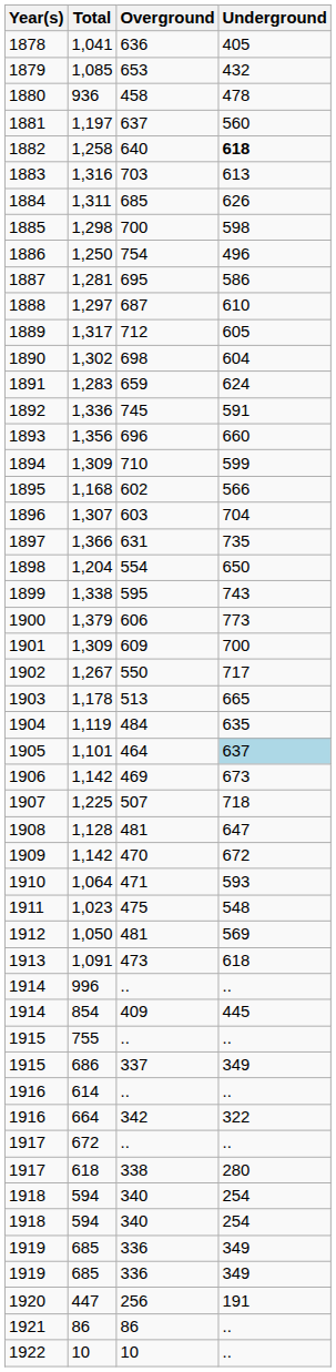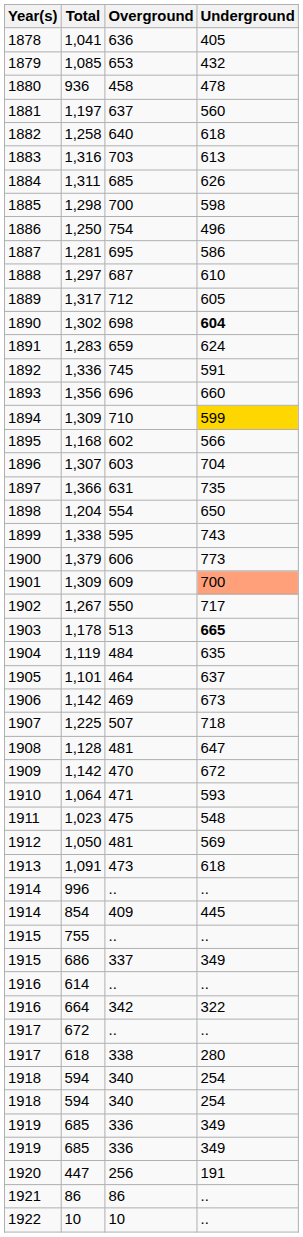 <table class="wikitable sortable mw-collapsible mw-collapsed">
 <tr>
 <th>Year(s)</th>
 <th>Total</th>
 <th>Overground</th>
 <th>Underground</th>
 </tr>
 <tr>
 <td>1878</td>
 <td>1,041</td>
 <td>636</td>
 <td>405</td>
 </tr>
 <tr>
 <td>1879</td>
 <td>1,085</td>
 <td>653</td>
 <td>432</td>
 </tr>
 <tr>
 <td>1880</td>
 <td>936</td>
 <td>458</td>
 <td>478</td>
 </tr>
 <tr>
 <td>1881</td>
 <td>1,197</td>
 <td>637</td>
 <td>560</td>
 </tr>
 <tr>
 <td>1882</td>
 <td>1,258</td>
 <td>640</td>
-<td><strong>618</strong></td>
+<td>618</td>
 </tr>
 <tr>
 <td>1883</td>
 <td>1,316</td>
 <td>703</td>
 <td>613</td>
 </tr>
 <tr>
 <td>1884</td>
 <td>1,311</td>
 <td>685</td>
 <td>626</td>
 </tr>
 <tr>
 <td>1885</td>
 <td>1,298</td>
 <td>700</td>
 <td>598</td>
 </tr>
 <tr>
 <td>1886</td>
 <td>1,250</td>
 <td>754</td>
 <td>496</td>
 </tr>
 <tr>
 <td>1887</td>
 <td>1,281</td>
 <td>695</td>
 <td>586</td>
 </tr>
 <tr>
 <td>1888</td>
 <td>1,297</td>
 <td>687</td>
 <td>610</td>
 </tr>
 <tr>
 <td>1889</td>
 <td>1,317</td>
 <td>712</td>
 <td>605</td>
 </tr>
 <tr>
 <td>1890</td>
 <td>1,302</td>
 <td>698</td>
-<td>604</td>
+<td><strong>604</strong></td>
 </tr>
 <tr>
 <td>1891</td>
 <td>1,283</td>
 <td>659</td>
 <td>624</td>
 </tr>
 <tr>
 <td>1892</td>
 <td>1,336</td>
 <td>745</td>
 <td>591</td>
 </tr>
 <tr>
 <td>1893</td>
 <td>1,356</td>
 <td>696</td>
 <td>660</td>
 </tr>
 <tr>
 <td>1894</td>
 <td>1,309</td>
 <td>710</td>
-<td>599</td>
+<td style="background: gold;">599</td>
 </tr>
 <tr>
 <td>1895</td>
 <td>1,168</td>
 <td>602</td>
 <td>566</td>
 </tr>
 <tr>
 <td>1896</td>
 <td>1,307</td>
 <td>603</td>
 <td>704</td>
 </tr>
 <tr>
 <td>1897</td>
 <td>1,366</td>
 <td>631</td>
 <td>735</td>
 </tr>
 <tr>
 <td>1898</td>
 <td>1,204</td>
 <td>554</td>
 <td>650</td>
 </tr>
 <tr>
 <td>1899</td>
 <td>1,338</td>
 <td>595</td>
 <td>743</td>
 </tr>
 <tr>
 <td>1900</td>
 <td>1,379</td>
 <td>606</td>
 <td>773</td>
 </tr>
 <tr>
 <td>1901</td>
 <td>1,309</td>
 <td>609</td>
-<td>700</td>
+<td style="background: lightsalmon;">700</td>
 </tr>
 <tr>
 <td>1902</td>
 <td>1,267</td>
 <td>550</td>
 <td>717</td>
 </tr>
 <tr>
 <td>1903</td>
 <td>1,178</td>
 <td>513</td>
-<td>665</td>
+<td><strong>665</strong></td>
 </tr>
 <tr>
 <td>1904</td>
 <td>1,119</td>
 <td>484</td>
 <td>635</td>
 </tr>
 <tr>
 <td>1905</td>
 <td>1,101</td>
 <td>464</td>
-<td style="background: lightblue;">637</td>
+<td>637</td>
 </tr>
 <tr>
 <td>1906</td>
 <td>1,142</td>
 <td>469</td>
 <td>673</td>
 </tr>
 <tr>
 <td>1907</td>
 <td>1,225</td>
 <td>507</td>
 <td>718</td>
 </tr>
 <tr>
 <td>1908</td>
 <td>1,128</td>
 <td>481</td>
 <td>647</td>
 </tr>
 <tr>
 <td>1909</td>
 <td>1,142</td>
 <td>470</td>
 <td>672</td>
 </tr>
 <tr>
 <td>1910</td>
 <td>1,064</td>
 <td>471</td>
 <td>593</td>
 </tr>
 <tr>
 <td>1911</td>
 <td>1,023</td>
 <td>475</td>
 <td>548</td>
 </tr>
 <tr>
 <td>1912</td>
 <td>1,050</td>
 <td>481</td>
 <td>569</td>
 </tr>
 <tr>
 <td>1913</td>
 <td>1,091</td>
 <td>473</td>
 <td>618</td>
 </tr>
 <tr>
 <td>1914</td>
 <td>996</td>
 <td>..</td>
 <td>..</td>
 </tr>
 <tr>
 <td>1914</td>
 <td>854</td>
 <td>409</td>
 <td>445</td>
 </tr>
 <tr>
 <td>1915</td>
 <td>755</td>
 <td>..</td>
 <td>..</td>
 </tr>
 <tr>
 <td>1915</td>
 <td>686</td>
 <td>337</td>
 <td>349</td>
 </tr>
 <tr>
 <td>1916</td>
 <td>614</td>
 <td>..</td>
 <td>..</td>
 </tr>
 <tr>
 <td>1916</td>
 <td>664</td>
 <td>342</td>
 <td>322</td>
 </tr>
 <tr>
 <td>1917</td>
 <td>672</td>
 <td>..</td>
 <td>..</td>
 </tr>
 <tr>
 <td>1917</td>
 <td>618</td>
 <td>338</td>
 <td>280</td>
 </tr>
 <tr>
 <td>1918</td>
 <td>594</td>
 <td>340</td>
 <td>254</td>
 </tr>
 <tr>
 <td>1918</td>
 <td>594</td>
 <td>340</td>
 <td>254</td>
 </tr>
 <tr>
 <td>1919</td>
 <td>685</td>
 <td>336</td>
 <td>349</td>
 </tr>
 <tr>
 <td>1919</td>
 <td>685</td>
 <td>336</td>
 <td>349</td>
 </tr>
 <tr>
 <td>1920</td>
 <td>447</td>
 <td>256</td>
 <td>191</td>
 </tr>
 <tr>
 <td>1921</td>
 <td>86</td>
 <td>86</td>
 <td>..</td>
 </tr>
 <tr>
 <td>1922</td>
 <td>10</td>
 <td>10</td>
 <td>..</td>
 </tr>
 </table>
